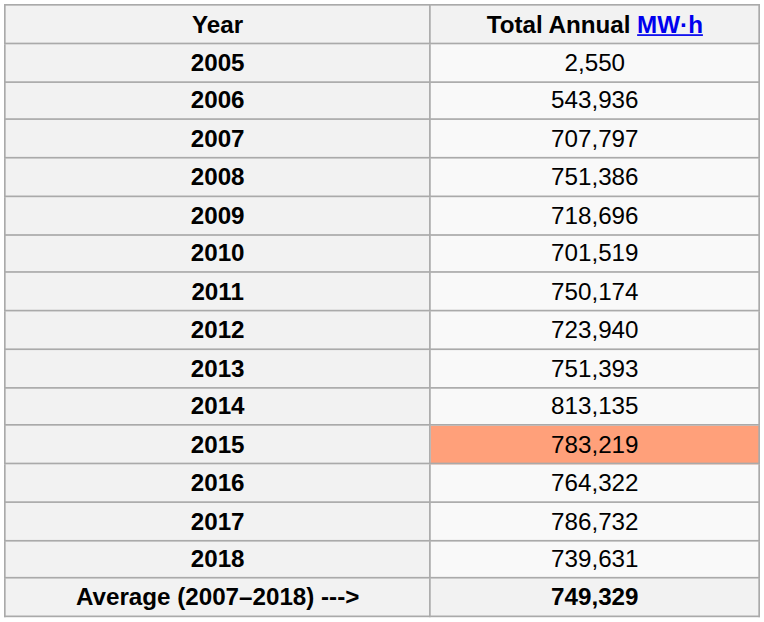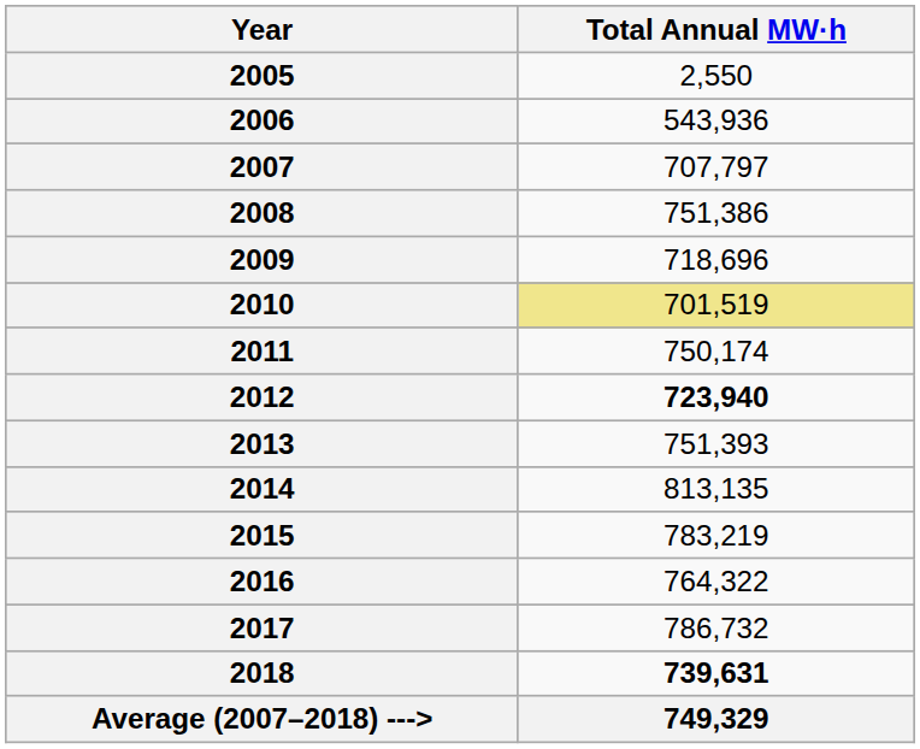 <table class=wikitable float=left style="text-align:center; font-size:0.9em; width:450px;">
 <tr>
 <th>Year</th>
 <th>Total Annual <a href='#'>MW·h</a></th>
 </tr>
 <tr>
 <th>2005</th>
 <td>2,550</td>
 </tr>
 <tr>
 <th>2006</th>
 <td>543,936</td>
 </tr>
 <tr>
 <th>2007</th>
 <td>707,797</td>
 </tr>
 <tr>
 <th>2008</th>
 <td>751,386</td>
 </tr>
 <tr>
 <th>2009</th>
 <td>718,696</td>
 </tr>
 <tr>
 <th>2010</th>
-<td>701,519</td>
+<td style="background: khaki;">701,519</td>
 </tr>
 <tr>
 <th>2011</th>
 <td>750,174</td>
 </tr>
 <tr>
 <th>2012</th>
-<td>723,940</td>
+<td><strong>723,940</strong></td>
 </tr>
 <tr>
 <th>2013</th>
 <td>751,393</td>
 </tr>
 <tr>
 <th>2014</th>
 <td>813,135</td>
 </tr>
 <tr>
 <th>2015</th>
-<td style="background: lightsalmon;">783,219</td>
+<td>783,219</td>
 </tr>
 <tr>
 <th>2016</th>
 <td>764,322</td>
 </tr>
 <tr>
 <th>2017</th>
 <td>786,732</td>
 </tr>
 <tr>
 <th>2018</th>
-<td>739,631</td>
+<td><strong>739,631</strong></td>
 </tr>
 <tr>
 <th>Average (2007–2018) ---></th>
 <th>749,329</th>
 </tr>
 </table>
